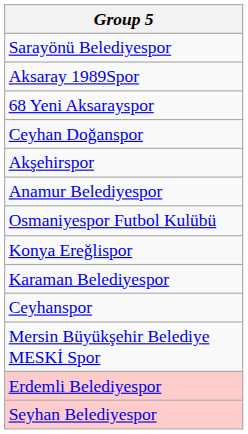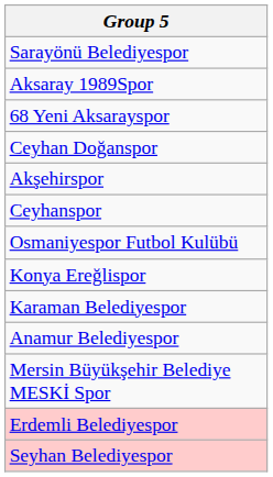 <table class="wikitable collapsible collapsed" style="font-size:95%;">
 <tr>
 <th colspan="1" width="200"><em>Group 5</em></th>
 </tr>
 <tr>
 <td><a href='#'>Sarayönü Belediyespor</a></td>
 </tr>
 <tr>
 <td><a href='#'>Aksaray 1989Spor</a></td>
 </tr>
 <tr>
 <td><a href='#'>68 Yeni Aksarayspor</a></td>
 </tr>
 <tr>
 <td><a href='#'>Ceyhan Doğanspor</a></td>
 </tr>
 <tr>
 <td><a href='#'>Akşehirspor</a></td>
 </tr>
 <tr>
-<td><a href='#'>Anamur Belediyespor</a></td>
+<td><a href='#'>Ceyhanspor</a></td>
 </tr>
 <tr>
 <td><a href='#'>Osmaniyespor Futbol Kulübü</a></td>
 </tr>
 <tr>
 <td><a href='#'>Konya Ereğlispor</a></td>
 </tr>
 <tr>
 <td><a href='#'>Karaman Belediyespor</a></td>
 </tr>
 <tr>
-<td><a href='#'>Ceyhanspor</a></td>
+<td><a href='#'>Anamur Belediyespor</a></td>
 </tr>
 <tr>
 <td><a href='#'>Mersin Büyükşehir Belediye MESKİ Spor</a></td>
 </tr>
 <tr>
 <td style="background:#fcc;"><a href='#'>Erdemli Belediyespor</a></td>
 </tr>
 <tr>
 <td style="background:#fcc;"><a href='#'>Seyhan Belediyespor</a></td>
 </tr>
 </table>
